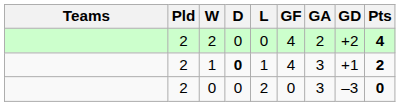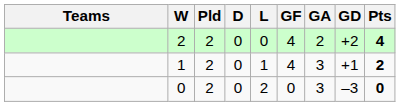 <table class="wikitable" style="text-align: center;">
 <tr>
 <th width=165>Teams</th>
+<th width=20>W</th>
 <th width=20>Pld</th>
-<th width=20>W</th>
 <th width=20>D</th>
 <th width=20>L</th>
 <th width=20>GF</th>
 <th width=20>GA</th>
 <th width=20>GD</th>
 <th width=20>Pts</th>
 </tr>
 <tr align=center style="background:#ccffcc;">
 <td style="text-align:left;"></td>
 <td>2</td>
 <td>2</td>
 <td>0</td>
 <td>0</td>
 <td>4</td>
 <td>2</td>
 <td>+2</td>
 <td><strong>4</strong></td>
 </tr>
 <tr align=center>
 <td style="text-align:left;"></td>
+<td>1</td>
 <td>2</td>
-<td>1</td>
-<td><strong>0</strong></td>
+<td>0</td>
 <td>1</td>
 <td>4</td>
 <td>3</td>
 <td>+1</td>
 <td><strong>2</strong></td>
 </tr>
 <tr align=center>
 <td style="text-align:left;"></td>
+<td>0</td>
 <td>2</td>
-<td>0</td>
 <td>0</td>
 <td>2</td>
 <td>0</td>
 <td>3</td>
 <td>–3</td>
 <td><strong>0</strong></td>
 </tr>
 </table>
